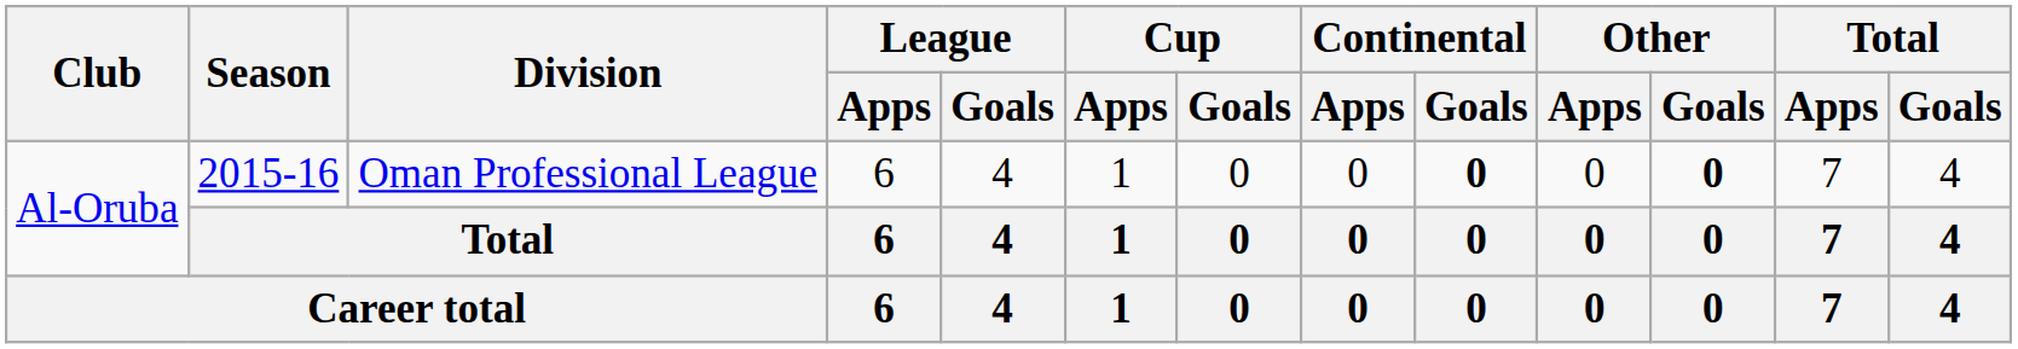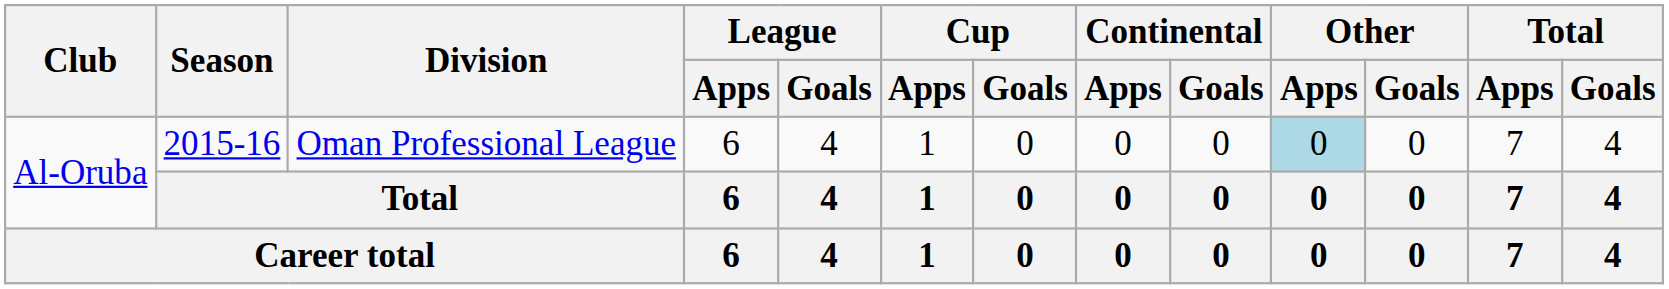 <table class="wikitable" style="text-align: center;">
 <tr>
 <th rowspan="2">Club</th>
 <th rowspan="2">Season</th>
 <th rowspan="2">Division</th>
 <th colspan="2">League</th>
 <th colspan="2">Cup</th>
 <th colspan="2">Continental</th>
 <th colspan="2">Other</th>
 <th colspan="2">Total</th>
 </tr>
 <tr>
 <th>Apps</th>
 <th>Goals</th>
 <th>Apps</th>
 <th>Goals</th>
 <th>Apps</th>
 <th>Goals</th>
 <th>Apps</th>
 <th>Goals</th>
 <th>Apps</th>
 <th>Goals</th>
 </tr>
 <tr>
 <td rowspan="2"><a href='#'>Al-Oruba</a></td>
 <td><a href='#'>2015-16</a></td>
 <td rowspan="1"><a href='#'>Oman Professional League</a></td>
 <td>6</td>
 <td>4</td>
 <td>1</td>
 <td>0</td>
 <td>0</td>
-<td><strong>0</strong></td>
 <td>0</td>
-<td><strong>0</strong></td>
+<td style="background: lightblue;">0</td>
+<td>0</td>
 <td>7</td>
 <td>4</td>
 </tr>
 <tr>
 <th colspan="2">Total</th>
 <th>6</th>
 <th>4</th>
 <th>1</th>
 <th>0</th>
 <th>0</th>
 <th>0</th>
 <th>0</th>
 <th>0</th>
 <th>7</th>
 <th>4</th>
 </tr>
 <tr>
 <th colspan="3">Career total</th>
 <th>6</th>
 <th>4</th>
 <th>1</th>
 <th>0</th>
 <th>0</th>
 <th>0</th>
 <th>0</th>
 <th>0</th>
 <th>7</th>
 <th>4</th>
 </tr>
 </table>
